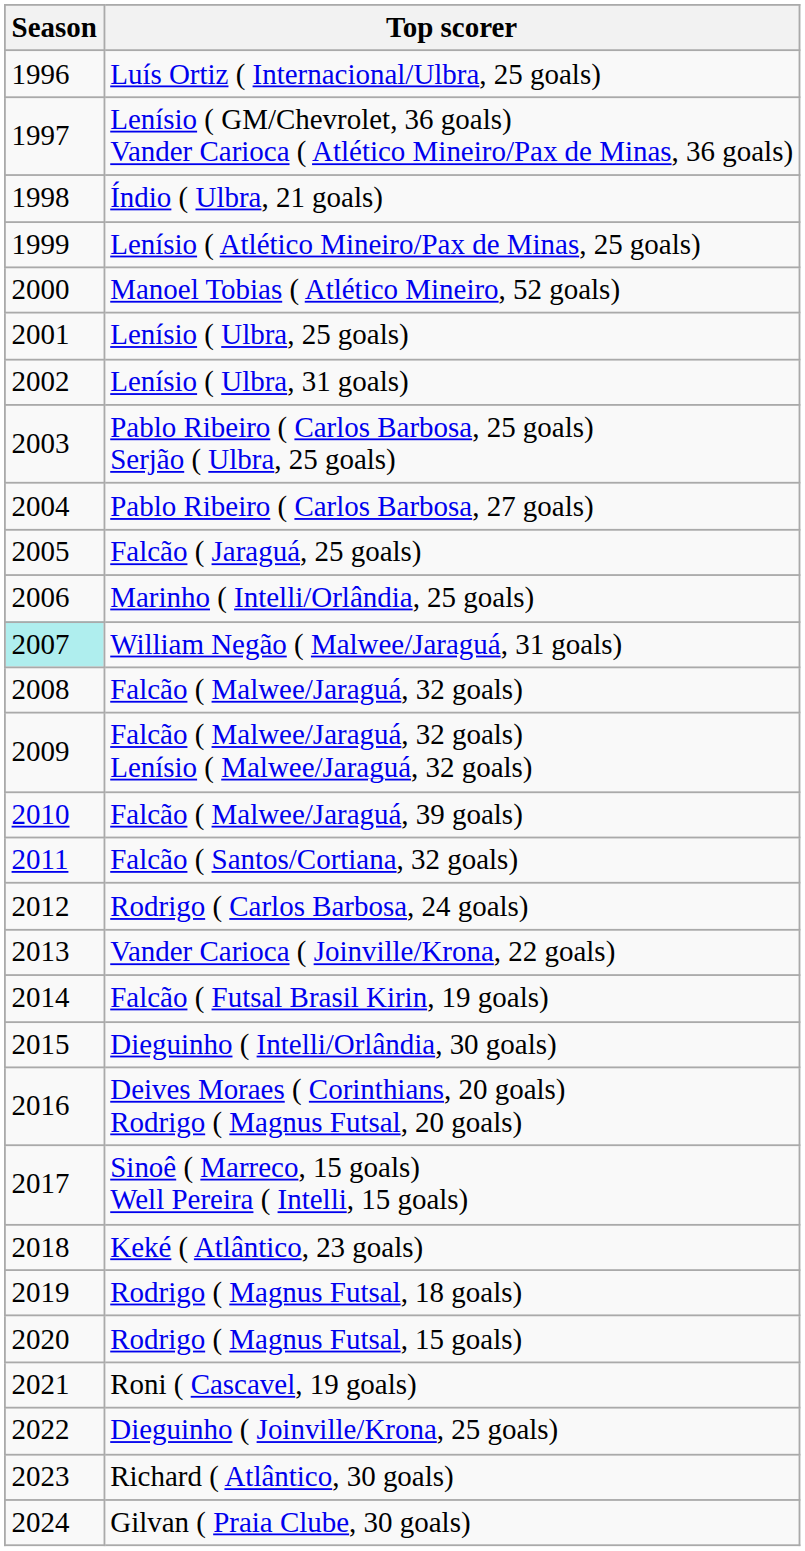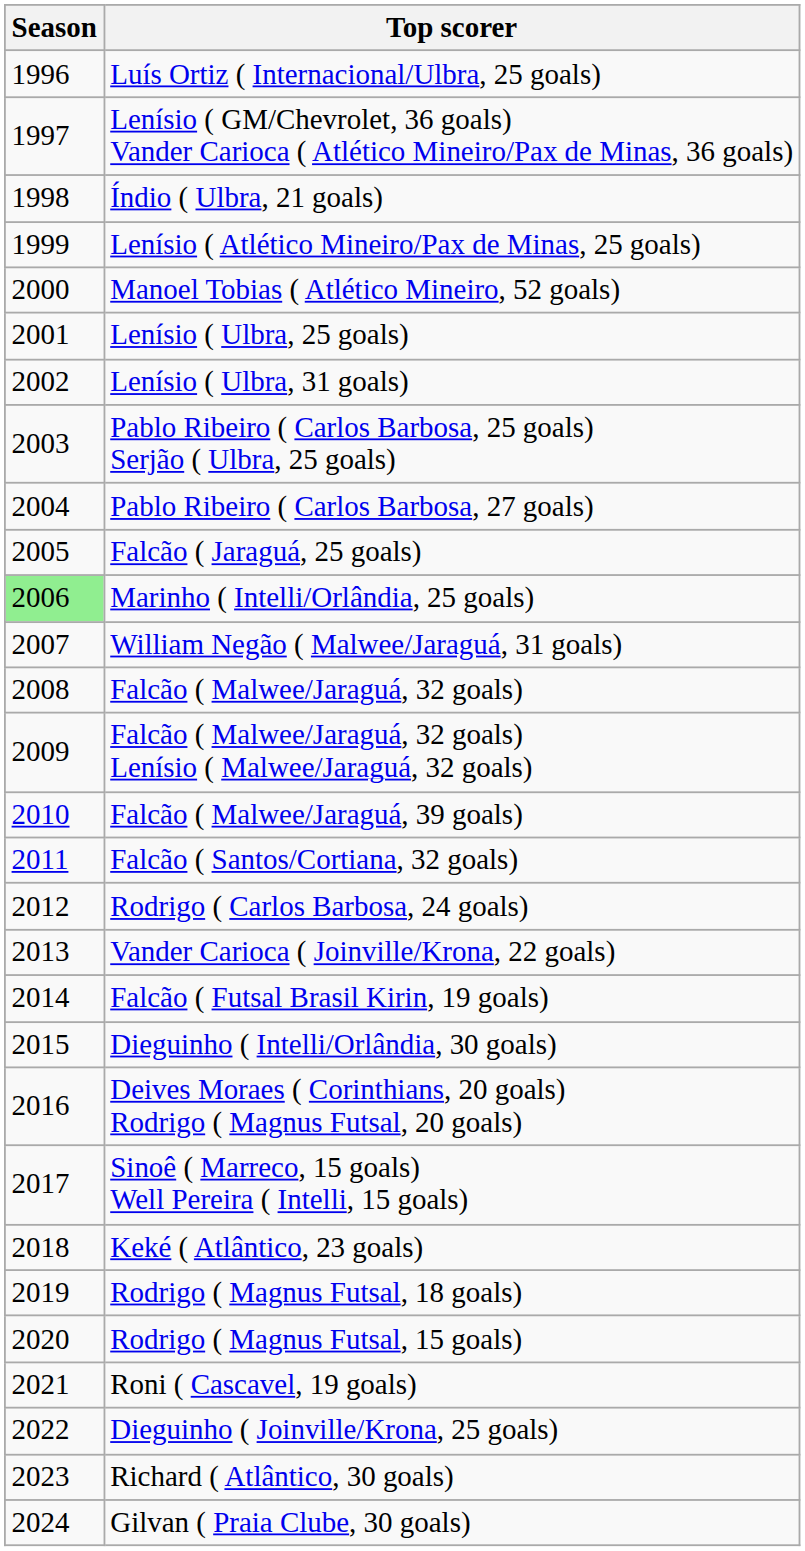 <table class="wikitable">
 <tr>
 <th scope=col>Season</th>
 <th scope=col>Top scorer</th>
 </tr>
 <tr>
 <td>1996</td>
 <td> <a href='#'>Luís Ortiz</a> ( <a href='#'>Internacional/Ulbra</a>, 25 goals)</td>
 </tr>
 <tr>
 <td>1997</td>
 <td> <a href='#'>Lenísio</a> ( GM/Chevrolet, 36 goals)<br> <a href='#'>Vander Carioca</a> ( <a href='#'>Atlético Mineiro/Pax de Minas</a>, 36 goals)</td>
 </tr>
 <tr>
 <td>1998</td>
 <td> <a href='#'>Índio</a> ( <a href='#'>Ulbra</a>, 21 goals)</td>
 </tr>
 <tr>
 <td>1999</td>
 <td> <a href='#'>Lenísio</a> ( <a href='#'>Atlético Mineiro/Pax de Minas</a>, 25 goals)</td>
 </tr>
 <tr>
 <td>2000</td>
 <td> <a href='#'>Manoel Tobias</a> ( <a href='#'>Atlético Mineiro</a>, 52 goals)</td>
 </tr>
 <tr>
 <td>2001</td>
 <td> <a href='#'>Lenísio</a> ( <a href='#'>Ulbra</a>, 25 goals)</td>
 </tr>
 <tr>
 <td>2002</td>
 <td> <a href='#'>Lenísio</a> ( <a href='#'>Ulbra</a>, 31 goals)</td>
 </tr>
 <tr>
 <td>2003</td>
 <td> <a href='#'>Pablo Ribeiro</a> ( <a href='#'>Carlos Barbosa</a>, 25 goals)<br> <a href='#'>Serjão</a> ( <a href='#'>Ulbra</a>, 25 goals)</td>
 </tr>
 <tr>
 <td>2004</td>
 <td> <a href='#'>Pablo Ribeiro</a> ( <a href='#'>Carlos Barbosa</a>, 27 goals)</td>
 </tr>
 <tr>
 <td>2005</td>
 <td> <a href='#'>Falcão</a> ( <a href='#'>Jaraguá</a>, 25 goals)</td>
 </tr>
 <tr>
-<td>2006</td>
+<td style="background: lightgreen;">2006</td>
 <td> <a href='#'>Marinho</a> ( <a href='#'>Intelli/Orlândia</a>, 25 goals)</td>
 </tr>
 <tr>
-<td style="background: paleturquoise;">2007</td>
+<td>2007</td>
 <td> <a href='#'>William Negão</a> ( <a href='#'>Malwee/Jaraguá</a>, 31 goals)</td>
 </tr>
 <tr>
 <td>2008</td>
 <td> <a href='#'>Falcão</a> ( <a href='#'>Malwee/Jaraguá</a>, 32 goals)</td>
 </tr>
 <tr>
 <td>2009</td>
 <td> <a href='#'>Falcão</a> ( <a href='#'>Malwee/Jaraguá</a>, 32 goals)<br> <a href='#'>Lenísio</a> ( <a href='#'>Malwee/Jaraguá</a>, 32 goals)</td>
 </tr>
 <tr>
 <td><a href='#'>2010</a></td>
 <td> <a href='#'>Falcão</a> ( <a href='#'>Malwee/Jaraguá</a>, 39 goals)</td>
 </tr>
 <tr>
 <td><a href='#'>2011</a></td>
 <td> <a href='#'>Falcão</a> ( <a href='#'>Santos/Cortiana</a>, 32 goals)</td>
 </tr>
 <tr>
 <td>2012</td>
 <td> <a href='#'>Rodrigo</a> ( <a href='#'>Carlos Barbosa</a>, 24 goals)</td>
 </tr>
 <tr>
 <td>2013</td>
 <td> <a href='#'>Vander Carioca</a> ( <a href='#'>Joinville/Krona</a>, 22 goals)</td>
 </tr>
 <tr>
 <td>2014</td>
 <td> <a href='#'>Falcão</a> ( <a href='#'>Futsal Brasil Kirin</a>, 19 goals)</td>
 </tr>
 <tr>
 <td>2015</td>
 <td> <a href='#'>Dieguinho</a> ( <a href='#'>Intelli/Orlândia</a>, 30 goals)</td>
 </tr>
 <tr>
 <td>2016</td>
 <td> <a href='#'>Deives Moraes</a> ( <a href='#'>Corinthians</a>, 20 goals)<br> <a href='#'>Rodrigo</a> ( <a href='#'>Magnus Futsal</a>, 20 goals)</td>
 </tr>
 <tr>
 <td>2017</td>
 <td> <a href='#'>Sinoê</a> ( <a href='#'>Marreco</a>, 15 goals)<br> <a href='#'>Well Pereira</a> ( <a href='#'>Intelli</a>, 15 goals)</td>
 </tr>
 <tr>
 <td>2018</td>
 <td> <a href='#'>Keké</a> ( <a href='#'>Atlântico</a>, 23 goals)</td>
 </tr>
 <tr>
 <td>2019</td>
 <td> <a href='#'>Rodrigo</a> ( <a href='#'>Magnus Futsal</a>, 18 goals)</td>
 </tr>
 <tr>
 <td>2020</td>
 <td> <a href='#'>Rodrigo</a> ( <a href='#'>Magnus Futsal</a>, 15 goals)</td>
 </tr>
 <tr>
 <td>2021</td>
 <td> Roni ( <a href='#'>Cascavel</a>, 19 goals)</td>
 </tr>
 <tr>
 <td>2022</td>
 <td> <a href='#'>Dieguinho</a> ( <a href='#'>Joinville/Krona</a>, 25 goals)</td>
 </tr>
 <tr>
 <td>2023</td>
 <td> Richard ( <a href='#'>Atlântico</a>, 30 goals)</td>
 </tr>
 <tr>
 <td>2024</td>
 <td> Gilvan ( <a href='#'>Praia Clube</a>, 30 goals)</td>
 </tr>
 </table>
